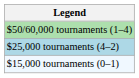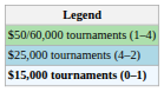 <table class=wikitable style="font-size:85%">
 <tr>
 <th>Legend</th>
 </tr>
 <tr style="background:#addfad;">
 <td>$50/60,000 tournaments (1–4)</td>
 </tr>
 <tr style="background:lightblue;">
 <td>$25,000 tournaments (4–2)</td>
 </tr>
 <tr style="background:#f0f8ff;">
-<td>$15,000 tournaments (0–1)</td>
+<td><strong>$15,000 tournaments (0–1)</strong></td>
 </tr>
 </table>
